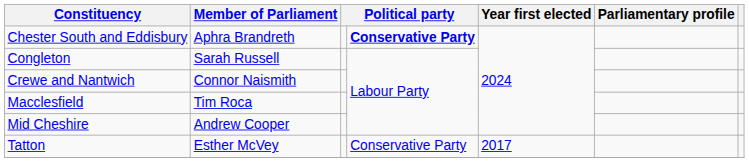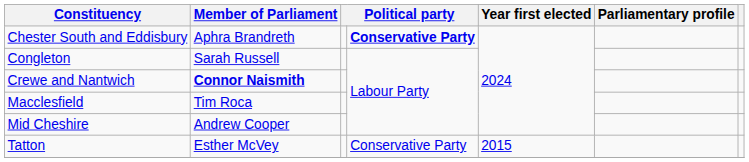 <table class="wikitable sortable">
 <tr>
 <th><a href='#'>Constituency</a></th>
 <th><a href='#'>Member of Parliament</a></th>
 <th colspan="2" style="vertical-align:top;"><a href='#'>Political party</a></th>
 <th>Year first elected</th>
 <th>Parliamentary profile</th>
 <th></th>
 </tr>
 <tr>
 <td><a href='#'>Chester South and Eddisbury</a></td>
 <td><a href='#'>Aphra Brandreth</a></td>
 <td style="color:inherit;background:"></td>
 <td><strong><a href='#'> Conservative Party</a></strong></td>
 <td rowspan=5><a href='#'>2024</a></td>
 <td></td>
 <td></td>
 </tr>
 <tr>
 <td><a href='#'>Congleton</a></td>
 <td><a href='#'>Sarah Russell</a></td>
 <td style="color:inherit;background:"></td>
 <td rowspan=4><a href='#'>Labour Party</a></td>
 <td></td>
 <td></td>
 </tr>
 <tr>
 <td><a href='#'>Crewe and Nantwich</a></td>
-<td><a href='#'>Connor Naismith</a></td>
+<td><strong><a href='#'>Connor Naismith</a></strong></td>
 <td style="color:inherit;background:"></td>
 <td></td>
 <td></td>
 </tr>
 <tr>
 <td><a href='#'>Macclesfield</a></td>
 <td><a href='#'>Tim Roca</a></td>
 <td style="color:inherit;background:"></td>
 <td></td>
 <td></td>
 </tr>
 <tr>
 <td><a href='#'>Mid Cheshire</a></td>
 <td><a href='#'>Andrew Cooper</a></td>
 <td style="color:inherit;background:"></td>
 <td></td>
 <td></td>
 </tr>
 <tr>
 <td><a href='#'>Tatton</a></td>
 <td><a href='#'>Esther McVey</a></td>
 <td style="color:inherit;background:"></td>
 <td><a href='#'> Conservative Party</a></td>
-<td><a href='#'>2017</a></td>
+<td><a href='#'>2015</a></td>
 <td></td>
 <td></td>
 </tr>
 <tr>
 </tr>
 </table>
